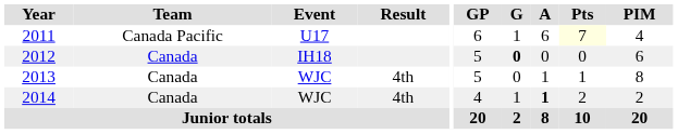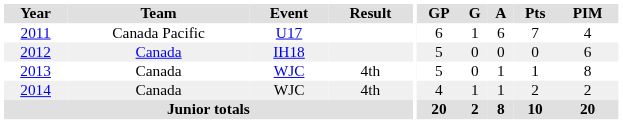 <table border="0" cellpadding="1" cellspacing="0" ID="Table3" style="text-align:center; width:40em">
 <tr ALIGN="center" bgcolor="#e0e0e0">
 <th>Year</th>
 <th>Team</th>
 <th>Event</th>
 <th>Result</th>
 <th rowspan="99" bgcolor="#ffffff"></th>
 <th>GP</th>
 <th>G</th>
 <th>A</th>
 <th>Pts</th>
 <th>PIM</th>
 </tr>
 <tr>
 <td><a href='#'>2011</a></td>
 <td>Canada Pacific</td>
 <td><a href='#'>U17</a></td>
 <td></td>
 <td>6</td>
 <td>1</td>
 <td>6</td>
-<td style="background: lightyellow;">7</td>
+<td>7</td>
 <td>4</td>
 </tr>
 <tr bgcolor="#f0f0f0">
 <td><a href='#'>2012</a></td>
 <td><a href='#'>Canada</a></td>
 <td><a href='#'>IH18</a></td>
 <td></td>
 <td>5</td>
-<td><strong>0</strong></td>
+<td>0</td>
 <td>0</td>
 <td>0</td>
 <td>6</td>
 </tr>
 <tr>
 <td><a href='#'>2013</a></td>
 <td>Canada</td>
 <td><a href='#'>WJC</a></td>
 <td>4th</td>
 <td>5</td>
 <td>0</td>
 <td>1</td>
 <td>1</td>
 <td>8</td>
 </tr>
 <tr bgcolor="#f0f0f0">
 <td><a href='#'>2014</a></td>
 <td>Canada</td>
 <td>WJC</td>
 <td>4th</td>
 <td>4</td>
 <td>1</td>
-<td><strong>1</strong></td>
+<td>1</td>
 <td>2</td>
 <td>2</td>
 </tr>
 <tr ALIGN="center" bgcolor="#e0e0e0">
 <th colspan=4>Junior totals</th>
 <th>20</th>
 <th>2</th>
 <th>8</th>
 <th>10</th>
 <th>20</th>
 </tr>
 </table>
